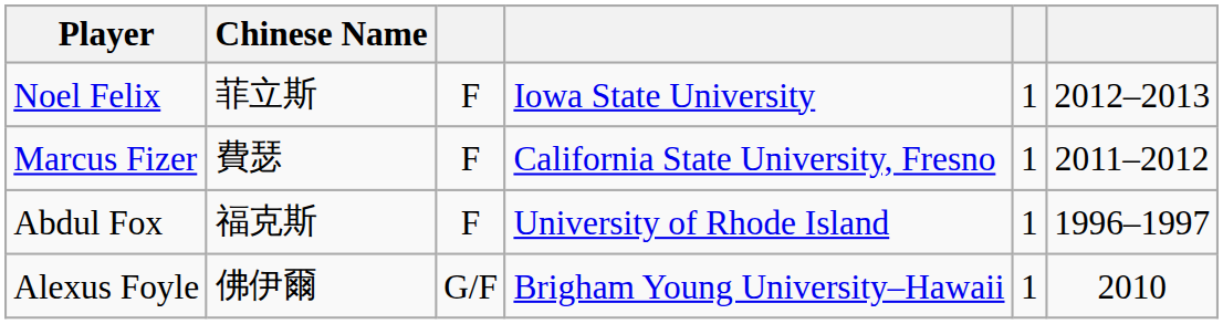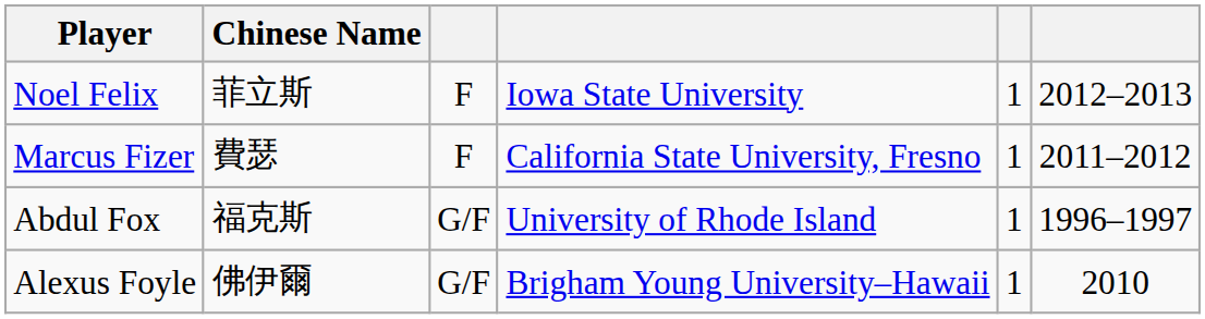 <table class="wikitable sortable" style="font-size:95%; text-align:right;">
 <tr>
 <th>Player</th>
 <th>Chinese Name</th>
 <th></th>
 <th></th>
 <th></th>
 <th></th>
 </tr>
 <tr>
 <td align="left"><a href='#'>Noel Felix</a></td>
 <td align="left">菲立斯</td>
 <td align="center">F</td>
 <td align="left"><a href='#'>Iowa State University</a></td>
 <td align="center">1</td>
 <td align="center">2012–2013</td>
 </tr>
 <tr>
 <td align="left"><a href='#'>Marcus Fizer</a></td>
 <td align="left">費瑟</td>
 <td align="center">F</td>
 <td align="left"><a href='#'>California State University, Fresno</a></td>
 <td align="center">1</td>
 <td align="center">2011–2012</td>
 </tr>
 <tr>
 <td align="left">Abdul Fox</td>
 <td align="left">福克斯</td>
-<td align="center">F</td>
+<td align="center">G/F</td>
 <td align="left"><a href='#'>University of Rhode Island</a></td>
 <td align="center">1</td>
 <td align="center">1996–1997</td>
 </tr>
 <tr>
 <td align="left">Alexus Foyle</td>
 <td align="left">佛伊爾</td>
 <td align="center">G/F</td>
 <td align="left"><a href='#'>Brigham Young University–Hawaii</a></td>
 <td align="center">1</td>
 <td align="center">2010</td>
 </tr>
 </table>
